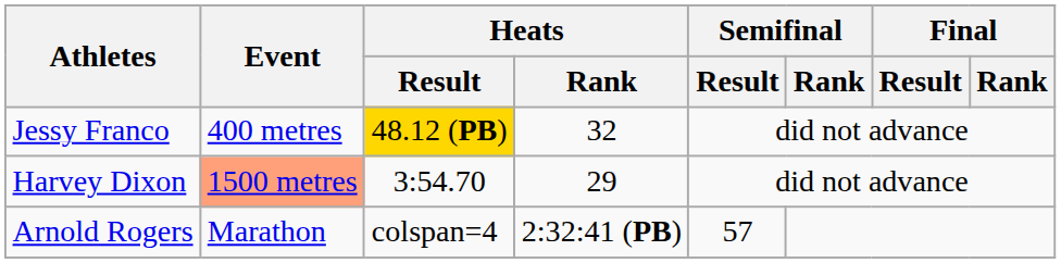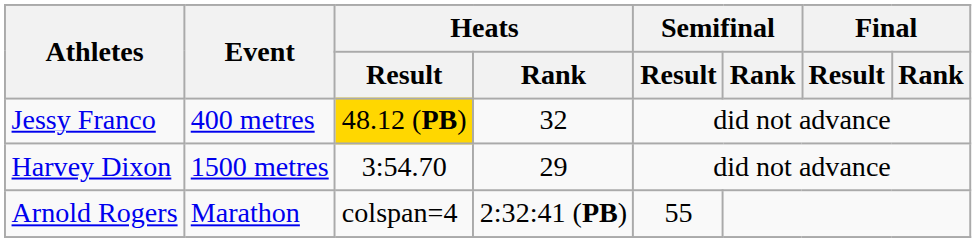 <table class="wikitable" border="1" style="font-size:90%">
 <tr>
 <th rowspan="2">Athletes</th>
 <th rowspan="2">Event</th>
 <th colspan="2">Heats</th>
 <th colspan="2">Semifinal</th>
 <th colspan="2">Final</th>
 </tr>
 <tr>
 <th>Result</th>
 <th>Rank</th>
 <th>Result</th>
 <th>Rank</th>
 <th>Result</th>
 <th>Rank</th>
 </tr>
 <tr>
 <td><a href='#'>Jessy Franco</a></td>
 <td><a href='#'>400 metres</a></td>
 <td align=center style="background: gold;">48.12 (<strong>PB</strong>)</td>
 <td align=center>32</td>
 <td align=center colspan=4>did not advance</td>
 </tr>
 <tr>
 <td><a href='#'>Harvey Dixon</a></td>
-<td style="background: lightsalmon;"><a href='#'>1500 metres</a></td>
+<td><a href='#'>1500 metres</a></td>
 <td align=center>3:54.70</td>
 <td align=center>29</td>
 <td align=center colspan=4>did not advance</td>
 </tr>
 <tr>
 <td><a href='#'>Arnold Rogers</a></td>
 <td><a href='#'>Marathon</a></td>
 <td>colspan=4</td>
 <td align=center>2:32:41 (<strong>PB</strong>)</td>
-<td align=center>57</td>
+<td align=center>55</td>
 </tr>
 </table>
